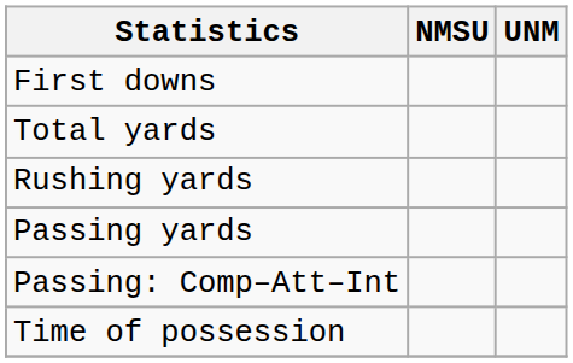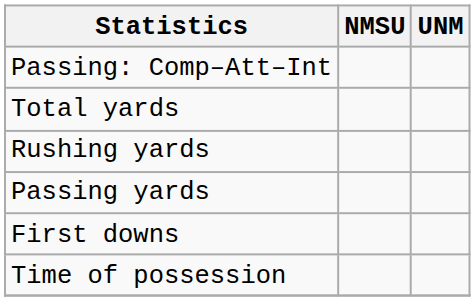 <table class="wikitable" style="float: left;">
 <tr>
 <th>Statistics</th>
 <th>NMSU</th>
 <th>UNM</th>
 </tr>
 <tr>
-<td>First downs</td>
+<td>Passing: Comp–Att–Int</td>
 <td></td>
 <td></td>
 </tr>
 <tr>
 <td>Total yards</td>
 <td></td>
 <td></td>
 </tr>
 <tr>
 <td>Rushing yards</td>
 <td></td>
 <td></td>
 </tr>
 <tr>
 <td>Passing yards</td>
 <td></td>
 <td></td>
 </tr>
 <tr>
-<td>Passing: Comp–Att–Int</td>
+<td>First downs</td>
 <td></td>
 <td></td>
 </tr>
 <tr>
 <td>Time of possession</td>
 <td></td>
 <td></td>
 </tr>
 <tr>
 </tr>
 </table>
